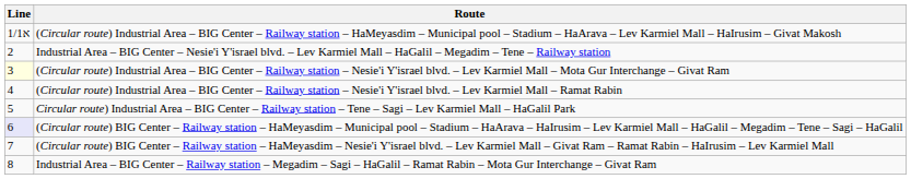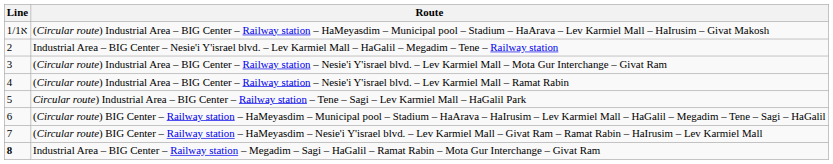 <table class="wikitable">
 <tr>
 <th>Line</th>
 <th>Route</th>
 </tr>
 <tr>
 <td>1/1א</td>
 <td>(<em>Circular route</em>) Industrial Area – BIG Center – <a href='#'>Railway station</a> – HaMeyasdim – Municipal pool – Stadium – HaArava – Lev Karmiel Mall – HaIrusim – Givat Makosh</td>
 </tr>
 <tr>
 <td>2</td>
 <td>Industrial Area – BIG Center – Nesie'i Y'israel blvd. – Lev Karmiel Mall – HaGalil – Megadim – Tene – <a href='#'>Railway station</a></td>
 </tr>
 <tr>
-<td style="background: lightyellow;">3</td>
+<td>3</td>
 <td>(<em>Circular route</em>) Industrial Area – BIG Center – <a href='#'>Railway station</a> – Nesie'i Y'israel blvd. – Lev Karmiel Mall – Mota Gur Interchange – Givat Ram</td>
 </tr>
 <tr>
 <td>4</td>
 <td>(<em>Circular route</em>) Industrial Area – BIG Center – <a href='#'>Railway station</a> – Nesie'i Y'israel blvd. – Lev Karmiel Mall – Ramat Rabin</td>
 </tr>
 <tr>
 <td>5</td>
 <td><em>Circular route</em>) Industrial Area – BIG Center – <a href='#'>Railway station</a> – Tene – Sagi – Lev Karmiel Mall – HaGalil Park</td>
 </tr>
 <tr>
-<td style="background: lavender;">6</td>
+<td>6</td>
 <td>(<em>Circular route</em>) BIG Center – <a href='#'>Railway station</a> – HaMeyasdim – Municipal pool – Stadium – HaArava – HaIrusim – Lev Karmiel Mall – HaGalil – Megadim – Tene – Sagi – HaGalil</td>
 </tr>
 <tr>
 <td>7</td>
 <td>(<em>Circular route</em>) BIG Center – <a href='#'>Railway station</a> – HaMeyasdim – Nesie'i Y'israel blvd. – Lev Karmiel Mall – Givat Ram – Ramat Rabin – HaIrusim – Lev Karmiel Mall</td>
 </tr>
 <tr>
-<td>8</td>
+<td><strong>8</strong></td>
 <td>Industrial Area – BIG Center – <a href='#'>Railway station</a> – Megadim – Sagi – HaGalil – Ramat Rabin – Mota Gur Interchange – Givat Ram</td>
 </tr>
 </table>
